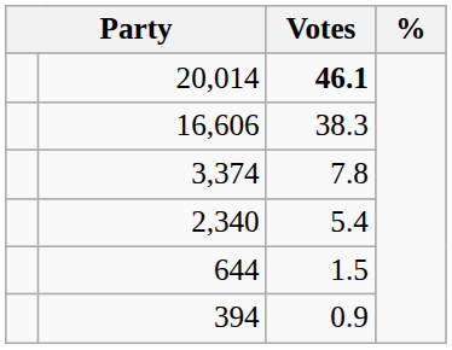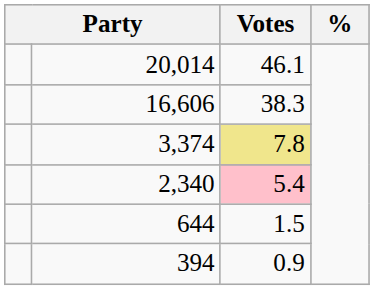 <table class="wikitable">
 <tr>
 <th colspan="2" width="130px">Party</th>
 <th width="50px">Votes</th>
 <th width="30px">%</th>
 </tr>
 <tr>
 <td></td>
 <td align=right>20,014</td>
-<td align=right><strong>46.1</strong></td>
+<td align=right>46.1</td>
 </tr>
 <tr>
 <td></td>
 <td align=right>16,606</td>
 <td align=right>38.3</td>
 </tr>
 <tr>
 <td></td>
 <td align=right>3,374</td>
-<td align=right>7.8</td>
+<td align=right style="background: khaki;">7.8</td>
 </tr>
 <tr>
 <td></td>
 <td align=right>2,340</td>
-<td align=right>5.4</td>
+<td align=right style="background: pink;">5.4</td>
 </tr>
 <tr>
 <td></td>
 <td align=right>644</td>
 <td align=right>1.5</td>
 </tr>
 <tr>
 <td></td>
 <td align=right>394</td>
 <td align=right>0.9</td>
 </tr>
 </table>
